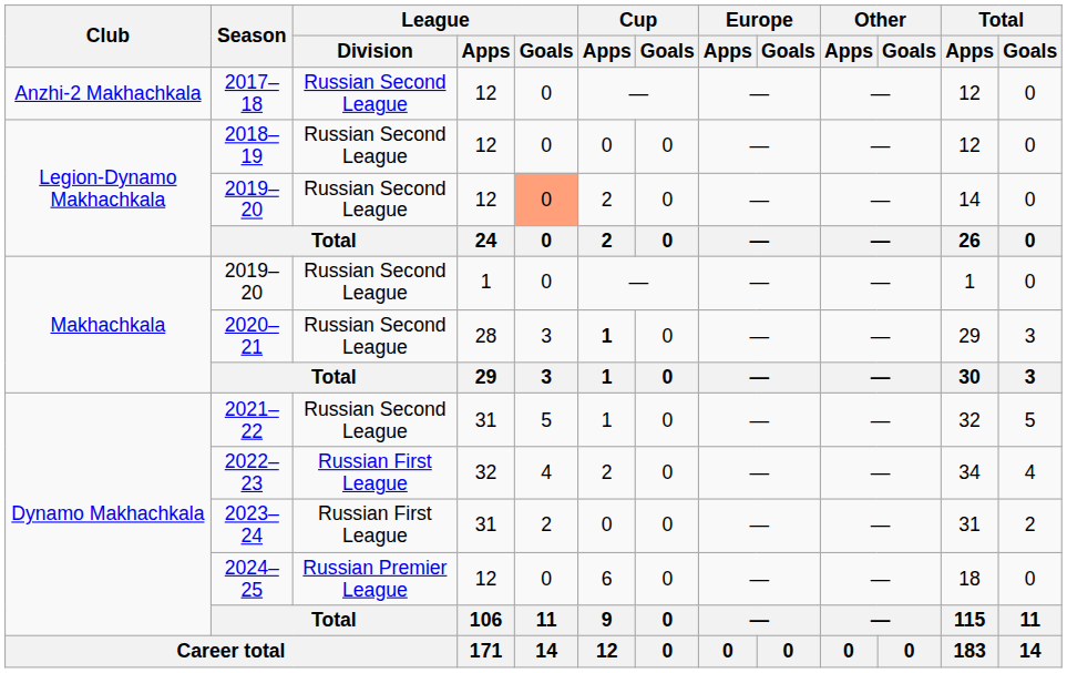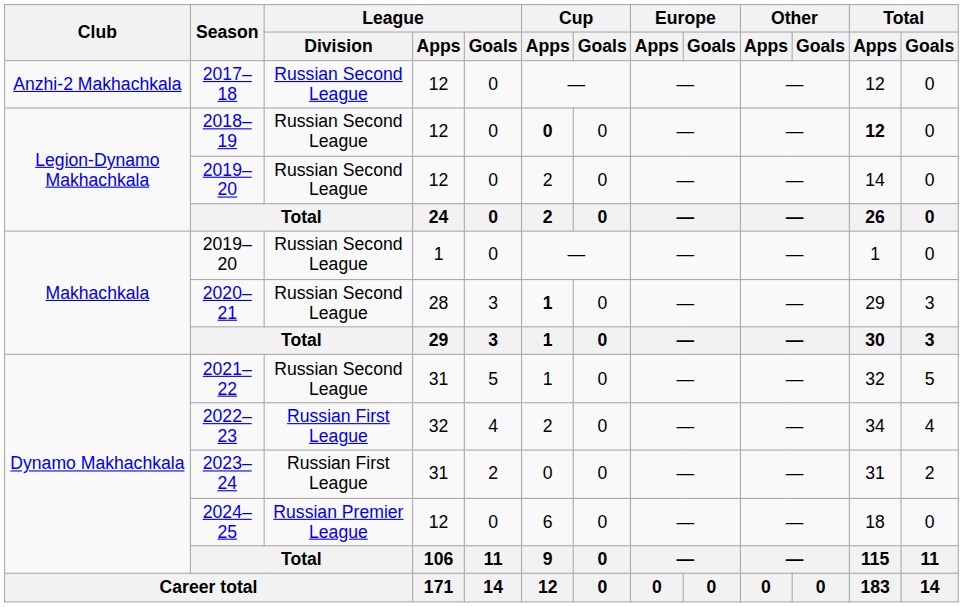 <table class="wikitable" style="text-align: center;">
 <tr>
 <th rowspan="2">Club</th>
 <th rowspan="2">Season</th>
 <th colspan="3">League</th>
 <th colspan="2">Cup</th>
 <th colspan="2">Europe</th>
 <th colspan="2">Other</th>
 <th colspan="2">Total</th>
 </tr>
 <tr>
 <th>Division</th>
 <th>Apps</th>
 <th>Goals</th>
 <th>Apps</th>
 <th>Goals</th>
 <th>Apps</th>
 <th>Goals</th>
 <th>Apps</th>
 <th>Goals</th>
 <th>Apps</th>
 <th>Goals</th>
 </tr>
 <tr>
 <td><a href='#'>Anzhi-2 Makhachkala</a></td>
 <td><a href='#'>2017–18</a></td>
 <td><a href='#'>Russian Second League</a></td>
 <td>12</td>
 <td>0</td>
 <td colspan="2">—</td>
 <td colspan="2">—</td>
 <td colspan="2">—</td>
 <td>12</td>
 <td>0</td>
 </tr>
 <tr>
 <td rowspan="3"><a href='#'>Legion-Dynamo Makhachkala</a></td>
 <td><a href='#'>2018–19</a></td>
 <td>Russian Second League</td>
 <td>12</td>
 <td>0</td>
-<td>0</td>
+<td><strong>0</strong></td>
 <td>0</td>
 <td colspan="2">—</td>
 <td colspan="2">—</td>
-<td>12</td>
+<td><strong>12</strong></td>
 <td>0</td>
 </tr>
 <tr>
 <td><a href='#'>2019–20</a></td>
 <td>Russian Second League</td>
 <td>12</td>
-<td style="background: lightsalmon;">0</td>
+<td>0</td>
 <td>2</td>
 <td>0</td>
 <td colspan="2">—</td>
 <td colspan="2">—</td>
 <td>14</td>
 <td>0</td>
 </tr>
 <tr>
 <th colspan="2">Total</th>
 <th>24</th>
 <th>0</th>
 <th>2</th>
 <th>0</th>
 <th colspan="2">—</th>
 <th colspan="2">—</th>
 <th>26</th>
 <th>0</th>
 </tr>
 <tr>
 <td rowspan="3"><a href='#'>Makhachkala</a></td>
 <td>2019–20</td>
 <td>Russian Second League</td>
 <td>1</td>
 <td>0</td>
 <td colspan="2">—</td>
 <td colspan="2">—</td>
 <td colspan="2">—</td>
 <td>1</td>
 <td>0</td>
 </tr>
 <tr>
 <td><a href='#'>2020–21</a></td>
 <td>Russian Second League</td>
 <td>28</td>
 <td>3</td>
 <td><strong>1</strong></td>
 <td>0</td>
 <td colspan="2">—</td>
 <td colspan="2">—</td>
 <td>29</td>
 <td>3</td>
 </tr>
 <tr>
 <th colspan="2">Total</th>
 <th>29</th>
 <th>3</th>
 <th>1</th>
 <th>0</th>
 <th colspan="2">—</th>
 <th colspan="2">—</th>
 <th>30</th>
 <th>3</th>
 </tr>
 <tr>
 <td rowspan="5"><a href='#'>Dynamo Makhachkala</a></td>
 <td><a href='#'>2021–22</a></td>
 <td>Russian Second League</td>
 <td>31</td>
 <td>5</td>
 <td>1</td>
 <td>0</td>
 <td colspan="2">—</td>
 <td colspan="2">—</td>
 <td>32</td>
 <td>5</td>
 </tr>
 <tr>
 <td><a href='#'>2022–23</a></td>
 <td><a href='#'>Russian First League</a></td>
 <td>32</td>
 <td>4</td>
 <td>2</td>
 <td>0</td>
 <td colspan="2">—</td>
 <td colspan="2">—</td>
 <td>34</td>
 <td>4</td>
 </tr>
 <tr>
 <td><a href='#'>2023–24</a></td>
 <td>Russian First League</td>
 <td>31</td>
 <td>2</td>
 <td>0</td>
 <td>0</td>
 <td colspan="2">—</td>
 <td colspan="2">—</td>
 <td>31</td>
 <td>2</td>
 </tr>
 <tr>
 <td><a href='#'>2024–25</a></td>
 <td><a href='#'>Russian Premier League</a></td>
 <td>12</td>
 <td>0</td>
 <td>6</td>
 <td>0</td>
 <td colspan="2">—</td>
 <td colspan="2">—</td>
 <td>18</td>
 <td>0</td>
 </tr>
 <tr>
 <th colspan="2">Total</th>
 <th>106</th>
 <th>11</th>
 <th>9</th>
 <th>0</th>
 <th colspan="2">—</th>
 <th colspan="2">—</th>
 <th>115</th>
 <th>11</th>
 </tr>
 <tr>
 <th colspan="3">Career total</th>
 <th>171</th>
 <th>14</th>
 <th>12</th>
 <th>0</th>
 <th>0</th>
 <th>0</th>
 <th>0</th>
 <th>0</th>
 <th>183</th>
 <th>14</th>
 </tr>
 </table>
